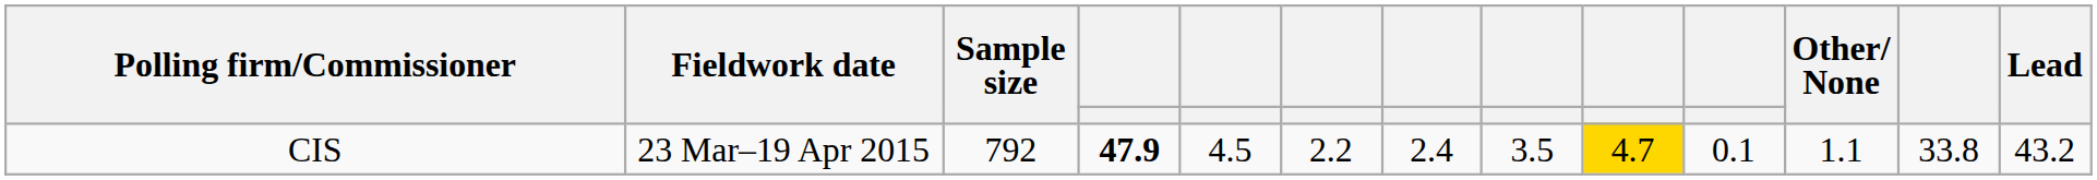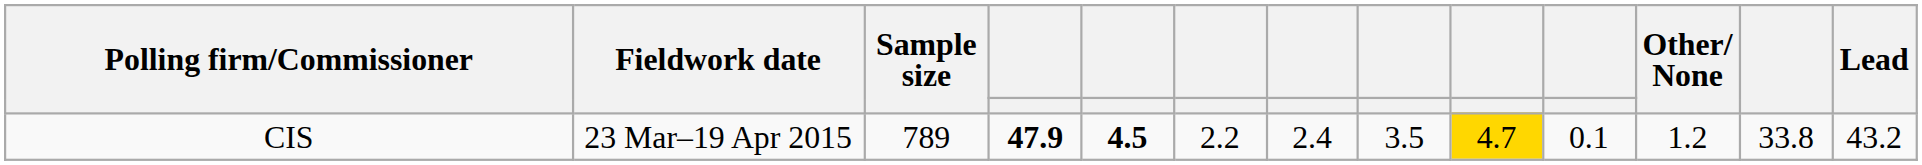 <table class="wikitable collapsible collapsed" style="text-align:center; font-size:90%; line-height:14px;">
 <tr style="height:42px;">
 <th style="width:250px;" rowspan="2">Polling firm/Commissioner</th>
 <th style="width:125px;" rowspan="2">Fieldwork date</th>
 <th style="width:50px;" rowspan="2">Sample size</th>
 <th style="width:35px;"></th>
 <th style="width:35px;"></th>
 <th style="width:35px;"></th>
 <th style="width:35px;"></th>
 <th style="width:35px;"></th>
 <th style="width:35px;"></th>
 <th style="width:35px;"></th>
 <th style="width:35px;" rowspan="2">Other/<br>None</th>
 <th style="width:35px;" rowspan="2"></th>
 <th style="width:30px;" rowspan="2">Lead</th>
 </tr>
 <tr>
 <th style="color:inherit;background:"></th>
 <th style="color:inherit;background:"></th>
 <th style="color:inherit;background:"></th>
 <th style="color:inherit;background:"></th>
 <th style="color:inherit;background:"></th>
 <th style="color:inherit;background:"></th>
 <th style="color:inherit;background:"></th>
 </tr>
 <tr>
 <td>CIS</td>
 <td>23 Mar–19 Apr 2015</td>
-<td>792</td>
+<td>789</td>
 <td><strong>47.9</strong></td>
-<td>4.5</td>
+<td><strong>4.5</strong></td>
 <td>2.2</td>
 <td>2.4</td>
 <td>3.5</td>
 <td style="background: gold;">4.7</td>
 <td>0.1</td>
-<td>1.1</td>
+<td>1.2</td>
 <td>33.8</td>
 <td style="background:">43.2</td>
 </tr>
 </table>
